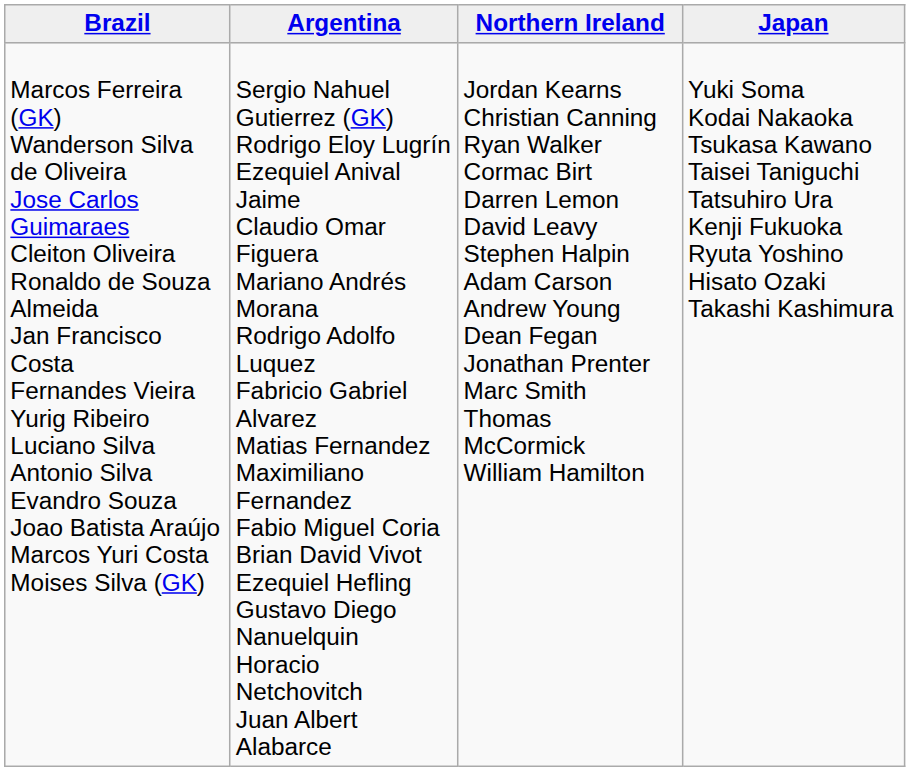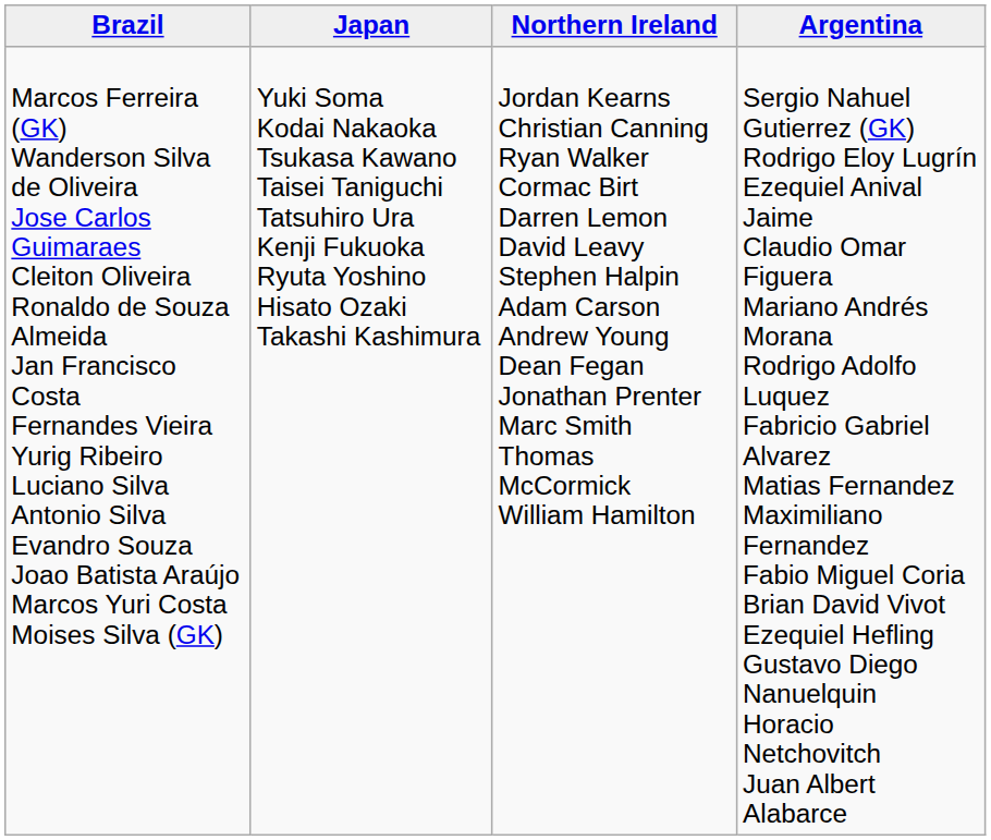 <table class="wikitable mw-collapsible mw-collapsed" cellpadding=5 cellspacing=0 style="width:95%">
 <tr align=center>
 <td bgcolor="#efefef" width="200"><strong> <a href='#'>Brazil</a></strong></td>
+<td bgcolor="#efefef" width="200"><strong> <a href='#'>Japan</a></strong></td>
+<td bgcolor="#efefef" width="200"><strong> <a href='#'>Northern Ireland</a></strong></td>
 <td bgcolor="#efefef" width="200"><strong> <a href='#'>Argentina</a></strong></td>
-<td bgcolor="#efefef" width="200"><strong> <a href='#'>Northern Ireland</a></strong></td>
-<td bgcolor="#efefef" width="200"><strong> <a href='#'>Japan</a></strong></td>
 </tr>
 <tr valign=top>
 <td><br>Marcos Ferreira (<a href='#'>GK</a>)<br> Wanderson Silva de Oliveira<br> <a href='#'>Jose Carlos Guimaraes</a><br> Cleiton Oliveira<br> Ronaldo de Souza Almeida<br> Jan Francisco Costa<br> Fernandes Vieira<br> Yurig Ribeiro<br> Luciano Silva<br> Antonio Silva<br> Evandro Souza<br> Joao Batista Araújo<br> Marcos Yuri Costa<br> Moises Silva (<a href='#'>GK</a>)<br></td>
+<td><br>Yuki Soma<br> Kodai Nakaoka<br> Tsukasa Kawano<br> Taisei Taniguchi<br> Tatsuhiro Ura<br> Kenji Fukuoka<br> Ryuta Yoshino<br> Hisato Ozaki<br> Takashi Kashimura<br></td>
+<td><br>Jordan Kearns<br> Christian Canning<br> Ryan Walker<br> Cormac Birt<br> Darren Lemon<br> David Leavy<br> Stephen Halpin<br> Adam Carson<br> Andrew Young<br> Dean Fegan<br> Jonathan Prenter<br> Marc Smith<br> Thomas McCormick<br> William Hamilton<br></td>
 <td><br>Sergio Nahuel Gutierrez (<a href='#'>GK</a>)<br> Rodrigo Eloy Lugrín<br> Ezequiel Anival Jaime<br> Claudio Omar Figuera<br> Mariano Andrés Morana<br> Rodrigo Adolfo Luquez<br> Fabricio Gabriel Alvarez<br> Matias Fernandez<br> Maximiliano Fernandez<br> Fabio Miguel Coria<br> Brian David Vivot<br> Ezequiel Hefling<br> Gustavo Diego Nanuelquin<br> Horacio Netchovitch<br> Juan Albert Alabarce<br></td>
-<td><br>Jordan Kearns<br> Christian Canning<br> Ryan Walker<br> Cormac Birt<br> Darren Lemon<br> David Leavy<br> Stephen Halpin<br> Adam Carson<br> Andrew Young<br> Dean Fegan<br> Jonathan Prenter<br> Marc Smith<br> Thomas McCormick<br> William Hamilton<br></td>
-<td><br>Yuki Soma<br> Kodai Nakaoka<br> Tsukasa Kawano<br> Taisei Taniguchi<br> Tatsuhiro Ura<br> Kenji Fukuoka<br> Ryuta Yoshino<br> Hisato Ozaki<br> Takashi Kashimura<br></td>
 </tr>
 </table>
